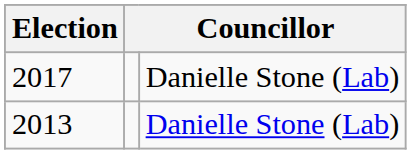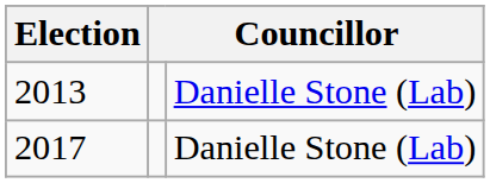 <table class="wikitable">
 <tr>
 <th>Election</th>
 <th colspan="2">Councillor</th>
 </tr>
 <tr>
+<td>2013</td>
+<td style="background-color: "></td>
+<td><a href='#'>Danielle Stone</a> (<a href='#'>Lab</a>)</td>
+</tr>
+<tr>
 <td>2017</td>
 <td style="background-color: "></td>
 <td>Danielle Stone (<a href='#'>Lab</a>)</td>
 </tr>
-<tr>
-<td>2013</td>
-<td style="background-color: "></td>
-<td><a href='#'>Danielle Stone</a> (<a href='#'>Lab</a>)</td>
-</tr>
 </table>
